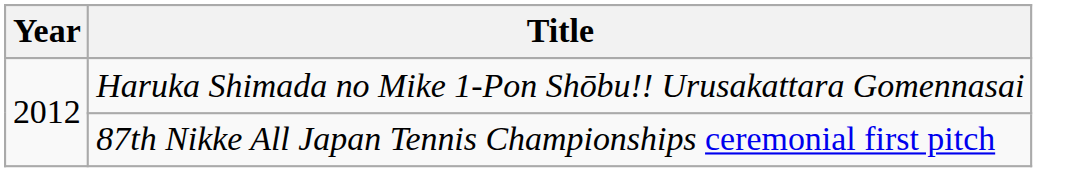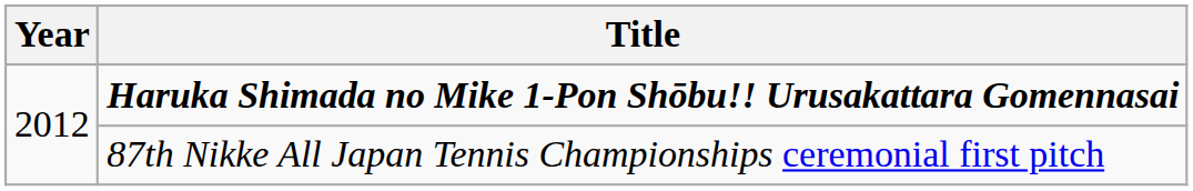 <table class="wikitable">
 <tr>
 <th>Year</th>
 <th>Title</th>
 </tr>
 <tr>
 <td rowspan="2">2012</td>
-<td><em>Haruka Shimada no Mike 1-Pon Shōbu!! Urusakattara Gomennasai</em></td>
+<td><strong><em>Haruka Shimada no Mike 1-Pon Shōbu!! Urusakattara Gomennasai</em></strong></td>
 </tr>
 <tr>
 <td><em>87th Nikke All Japan Tennis Championships</em> <a href='#'>ceremonial first pitch</a></td>
 </tr>
 </table>
